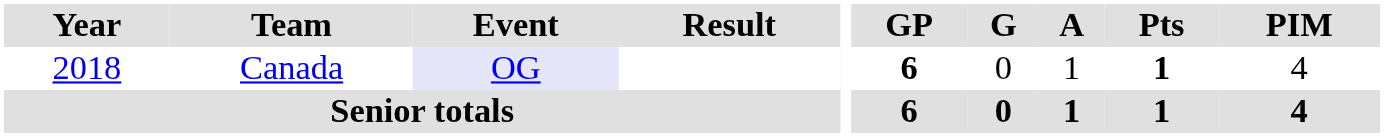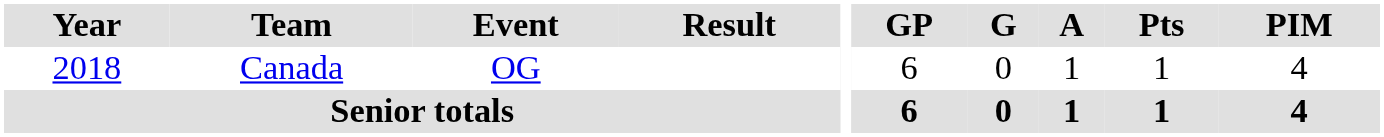 <table border="0" cellpadding="1" cellspacing="0" ID="Table3" style="text-align:center; width:40em">
 <tr ALIGN="center" bgcolor="#e0e0e0">
 <th>Year</th>
 <th>Team</th>
 <th>Event</th>
 <th>Result</th>
 <th rowspan="99" bgcolor="#ffffff"></th>
 <th>GP</th>
 <th>G</th>
 <th>A</th>
 <th>Pts</th>
 <th>PIM</th>
 </tr>
 <tr>
 <td><a href='#'>2018</a></td>
 <td><a href='#'>Canada</a></td>
-<td style="background: lavender;"><a href='#'>OG</a></td>
+<td><a href='#'>OG</a></td>
 <td></td>
-<td><strong>6</strong></td>
+<td>6</td>
 <td>0</td>
 <td>1</td>
-<td><strong>1</strong></td>
+<td>1</td>
 <td>4</td>
 </tr>
 <tr bgcolor="#e0e0e0">
 <th colspan="4">Senior totals</th>
 <th>6</th>
 <th>0</th>
 <th>1</th>
 <th>1</th>
 <th>4</th>
 </tr>
 </table>
